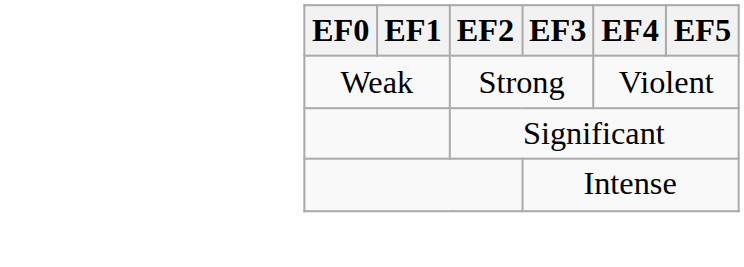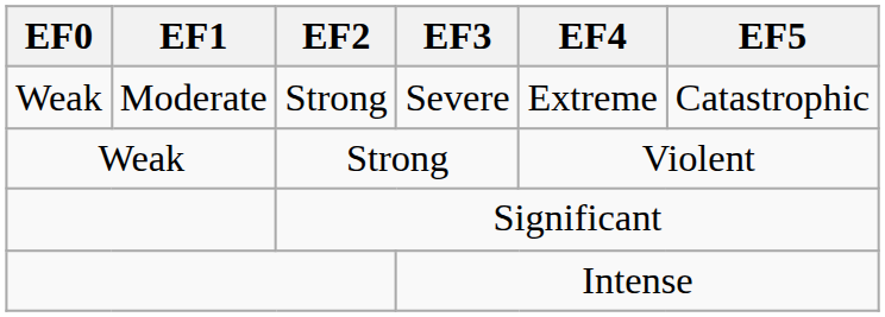 <table class="wikitable" style="text-align:center; float:right; margin:0.5em 0 1.3em 1.4em;">
 <tr>
 <th>EF0</th>
 <th>EF1</th>
 <th>EF2</th>
 <th>EF3</th>
 <th>EF4</th>
 <th>EF5</th>
+</tr>
+<tr>
+<td colspan="1" style="background: #">Weak</td>
+<td colspan="1" style="background: #">Moderate</td>
+<td colspan="1" style="background: #">Strong</td>
+<td colspan="1" style="background: #">Severe</td>
+<td colspan="1" style="background: #">Extreme</td>
+<td colspan="1" style="background: #">Catastrophic</td>
 </tr>
 <tr>
 <td colspan="2" style="background: #">Weak</td>
 <td colspan="2" style="background: #">Strong</td>
 <td colspan="2" style="background: #">Violent</td>
 </tr>
 <tr>
 <td colspan="2"></td>
 <td colspan="4" style="background: #">Significant</td>
 </tr>
 <tr>
 <td colspan="3"></td>
 <td colspan="3" style="background: #">Intense</td>
 </tr>
 </table>
